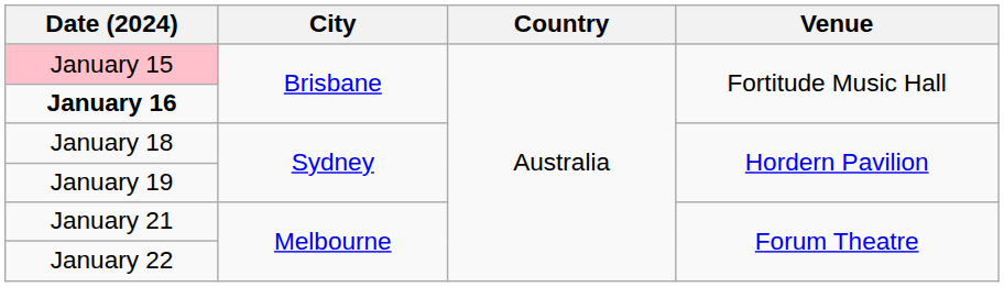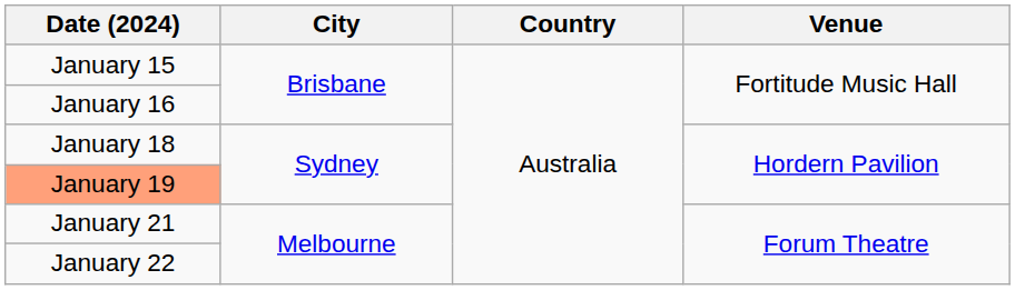 <table class="wikitable" style="text-align:center;">
 <tr>
 <th width="130">Date (2024)</th>
 <th width="140">City</th>
 <th width="140">Country</th>
 <th width="200">Venue</th>
 </tr>
 <tr>
-<td style="background: pink;">January 15</td>
+<td>January 15</td>
 <td rowspan="2"><a href='#'>Brisbane</a></td>
 <td rowspan="6">Australia</td>
 <td rowspan="2">Fortitude Music Hall</td>
 </tr>
 <tr>
-<td><strong>January 16</strong></td>
+<td>January 16</td>
 </tr>
 <tr>
 <td>January 18</td>
 <td rowspan="2"><a href='#'>Sydney</a></td>
 <td rowspan="2"><a href='#'>Hordern Pavilion</a></td>
 </tr>
 <tr>
-<td>January 19</td>
+<td style="background: lightsalmon;">January 19</td>
 </tr>
 <tr>
 <td>January 21</td>
 <td rowspan="2"><a href='#'>Melbourne</a></td>
 <td rowspan="2"><a href='#'>Forum Theatre</a></td>
 </tr>
 <tr>
 <td>January 22</td>
 </tr>
 </table>
